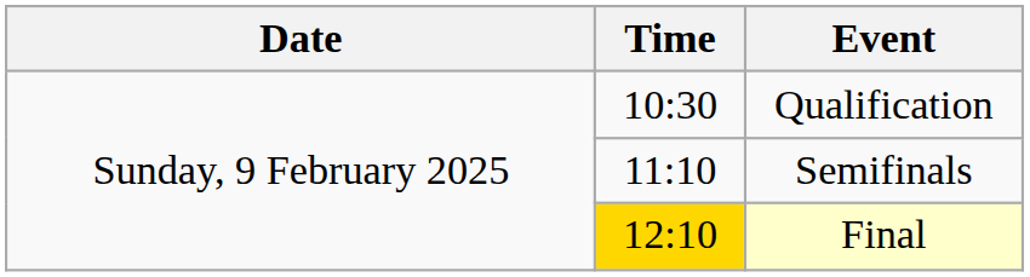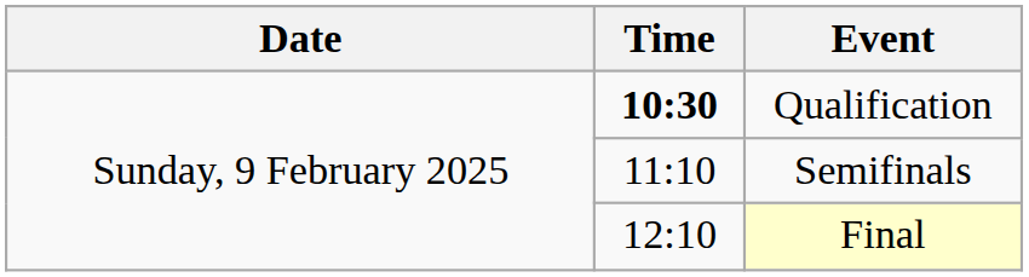 <table class = "wikitable" style="text-align:center;">
 <tr>
 <th width=220>Date</th>
 <th width=50>Time</th>
 <th width=100>Event</th>
 </tr>
 <tr>
 <td rowspan=3>Sunday, 9 February 2025</td>
-<td>10:30</td>
+<td><strong>10:30</strong></td>
 <td>Qualification</td>
 </tr>
 <tr>
 <td>11:10</td>
 <td>Semifinals</td>
 </tr>
 <tr>
-<td style="background: gold;">12:10</td>
+<td>12:10</td>
 <td bgcolor=ffffcc>Final</td>
 </tr>
 </table>
